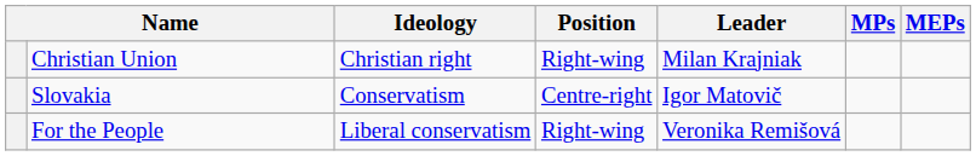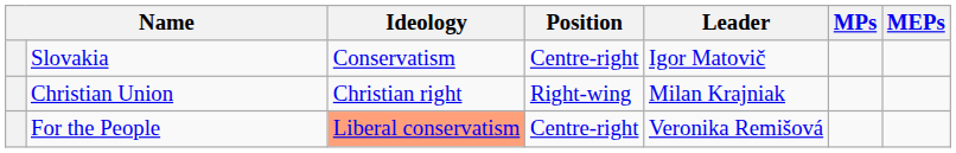 <table class="wikitable">
 <tr>
 <th colspan=2 width=225px>Name</th>
 <th>Ideology</th>
 <th>Position</th>
 <th>Leader</th>
 <th><a href='#'>MPs</a></th>
 <th><a href='#'>MEPs</a></th>
+</tr>
+<tr>
+<th style="background:"></th>
+<td><a href='#'>Slovakia</a><br></td>
+<td><a href='#'>Conservatism</a></td>
+<td><a href='#'>Centre-right</a></td>
+<td><a href='#'>Igor Matovič</a></td>
+<td></td>
+<td></td>
 </tr>
 <tr>
 <th style="background:"></th>
 <td><a href='#'>Christian Union</a><br></td>
 <td><a href='#'>Christian right</a></td>
 <td><a href='#'>Right-wing</a></td>
 <td><a href='#'>Milan Krajniak</a></td>
 <td></td>
 <td></td>
 </tr>
 <tr>
 <th style="background:"></th>
-<td><a href='#'>Slovakia</a><br></td>
-<td><a href='#'>Conservatism</a></td>
+<td><a href='#'>For the People</a><br></td>
+<td style="background: lightsalmon;"><a href='#'>Liberal conservatism</a></td>
 <td><a href='#'>Centre-right</a></td>
-<td><a href='#'>Igor Matovič</a></td>
-<td></td>
-<td></td>
-</tr>
-<tr>
-<th style="background:"></th>
-<td><a href='#'>For the People</a><br></td>
-<td><a href='#'>Liberal conservatism</a></td>
-<td><a href='#'>Right-wing</a></td>
 <td><a href='#'>Veronika Remišová</a></td>
 <td></td>
 <td></td>
 </tr>
 </table>
